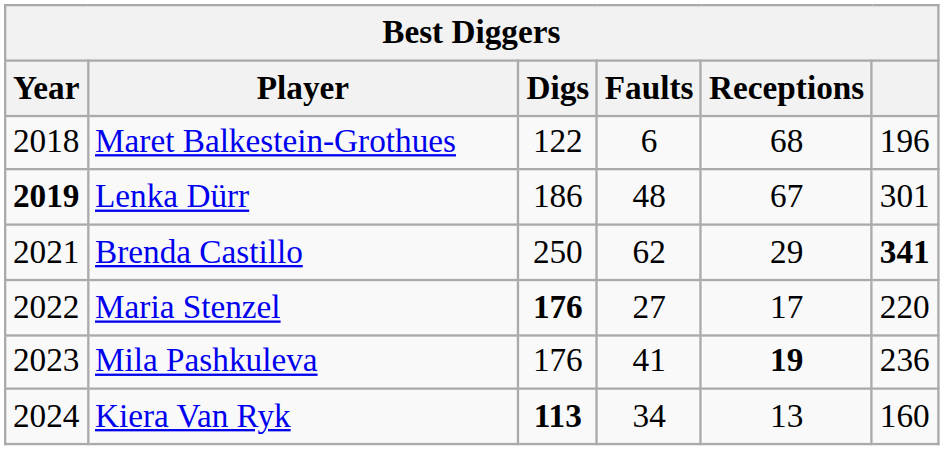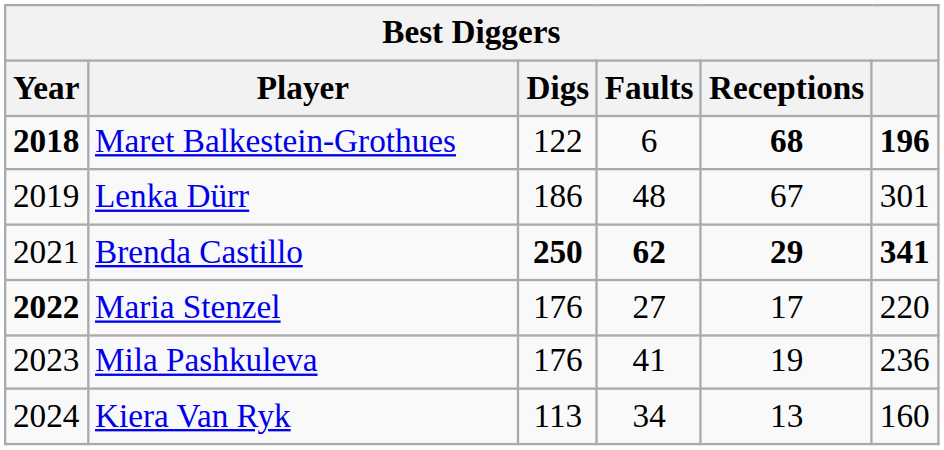 <table class="wikitable sortable" style=font-size:90%>
 <tr>
 <th colspan=7>Best Diggers</th>
 </tr>
 <tr>
 <th width=20>Year</th>
 <th width=180>Player</th>
 <th width=20>Digs</th>
 <th width=20>Faults</th>
 <th width=20>Receptions</th>
 <th width=20></th>
 </tr>
 <tr>
-<td>2018</td>
+<td><strong>2018</strong></td>
 <td> <a href='#'>Maret Balkestein-Grothues</a></td>
 <td align=center>122</td>
 <td align=center>6</td>
-<td align=center>68</td>
-<td align=center>196</td>
+<td align=center><strong>68</strong></td>
+<td align=center><strong>196</strong></td>
 </tr>
 <tr>
-<td><strong>2019</strong></td>
+<td>2019</td>
 <td> <a href='#'>Lenka Dürr</a></td>
 <td align=center>186</td>
 <td align=center>48</td>
 <td align=center>67</td>
 <td align=center>301</td>
 </tr>
 <tr>
 <td>2021</td>
 <td> <a href='#'>Brenda Castillo</a></td>
-<td align=center>250</td>
-<td align=center>62</td>
-<td align=center>29</td>
+<td align=center><strong>250</strong></td>
+<td align=center><strong>62</strong></td>
+<td align=center><strong>29</strong></td>
 <td align=center><strong>341</strong></td>
 </tr>
 <tr>
-<td>2022</td>
+<td><strong>2022</strong></td>
 <td> <a href='#'>Maria Stenzel</a></td>
-<td align=center><strong>176</strong></td>
+<td align=center>176</td>
 <td align=center>27</td>
 <td align=center>17</td>
 <td align=center>220</td>
 </tr>
 <tr>
 <td>2023</td>
 <td> <a href='#'>Mila Pashkuleva</a></td>
 <td align=center>176</td>
 <td align=center>41</td>
-<td align=center><strong>19</strong></td>
+<td align=center>19</td>
 <td align=center>236</td>
 </tr>
 <tr>
 <td>2024</td>
 <td> <a href='#'>Kiera Van Ryk</a></td>
-<td align=center><strong>113</strong></td>
+<td align=center>113</td>
 <td align=center>34</td>
 <td align=center>13</td>
 <td align=center>160</td>
 </tr>
 </table>
